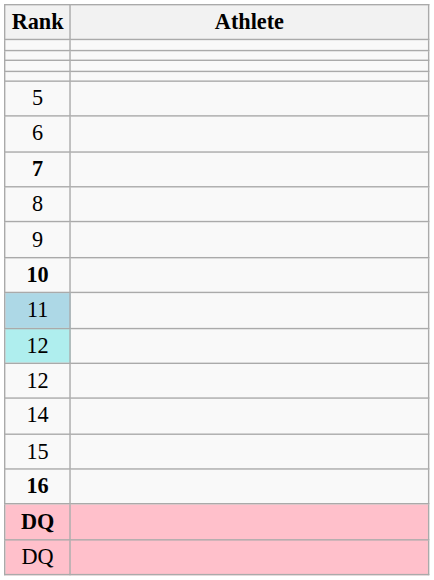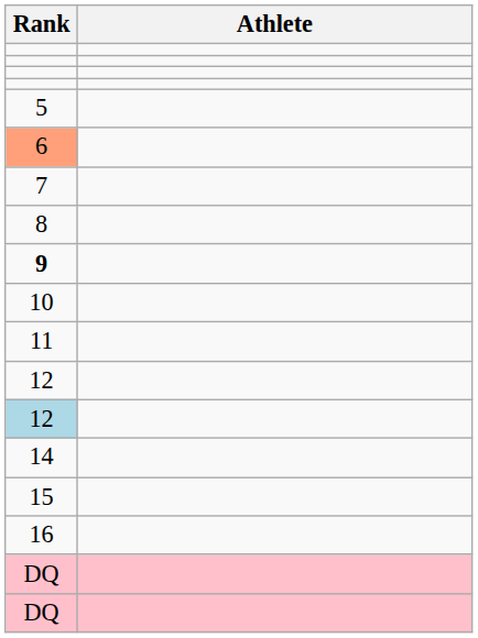 <table class="wikitable" style="text-align: center;">
 <tr>
 <th width=40>Rank</th>
 <th width=250>Athlete</th>
 </tr>
 <tr>
 <td></td>
 <td align="left"></td>
 </tr>
 <tr>
 <td></td>
 <td align="left"></td>
 </tr>
 <tr>
 <td></td>
 <td align="left"></td>
 </tr>
 <tr>
 <td></td>
 <td align="left"></td>
 </tr>
 <tr>
 <td>5</td>
 <td align="left"></td>
 </tr>
 <tr>
-<td>6</td>
+<td style="background: lightsalmon;">6</td>
 <td align="left"></td>
 </tr>
 <tr>
-<td><strong>7</strong></td>
+<td>7</td>
 <td align="left"></td>
 </tr>
 <tr>
 <td>8</td>
 <td align="left"></td>
 </tr>
 <tr>
-<td>9</td>
+<td><strong>9</strong></td>
 <td align="left"></td>
 </tr>
 <tr>
-<td><strong>10</strong></td>
+<td>10</td>
 <td align="left"></td>
 </tr>
 <tr>
-<td style="background: lightblue;">11</td>
-<td align="left"></td>
-</tr>
-<tr>
-<td style="background: paleturquoise;">12</td>
+<td>11</td>
 <td align="left"></td>
 </tr>
 <tr>
 <td>12</td>
+<td align="left"></td>
+</tr>
+<tr>
+<td style="background: lightblue;">12</td>
 <td align="left"></td>
 </tr>
 <tr>
 <td>14</td>
 <td align="left"></td>
 </tr>
 <tr>
 <td>15</td>
 <td align="left"></td>
 </tr>
 <tr>
-<td><strong>16</strong></td>
+<td>16</td>
 <td align="left"></td>
 </tr>
 <tr bgcolor=pink>
-<td><strong>DQ</strong></td>
+<td>DQ</td>
 <td align="left"></td>
 </tr>
 <tr bgcolor=pink>
 <td>DQ</td>
 <td align="left"></td>
 </tr>
 </table>
